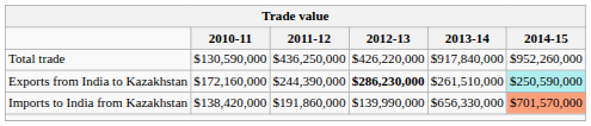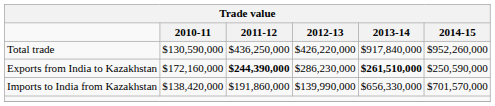 <table class="wikitable" style="font-size: 90%">
 <tr>
 <th colspan="10">Trade value</th>
 </tr>
 <tr>
 <td></td>
 <th>2010-11</th>
 <th>2011-12</th>
 <th>2012-13</th>
 <th>2013-14</th>
 <th>2014-15</th>
 </tr>
 <tr>
 <td>Total trade</td>
 <td>$130,590,000</td>
 <td>$436,250,000</td>
 <td>$426,220,000</td>
 <td>$917,840,000</td>
 <td>$952,260,000</td>
 </tr>
 <tr>
 <td>Exports from India to Kazakhstan</td>
 <td>$172,160,000</td>
-<td>$244,390,000</td>
-<td><strong>$286,230,000</strong></td>
-<td>$261,510,000</td>
-<td style="background: paleturquoise;">$250,590,000</td>
+<td><strong>$244,390,000</strong></td>
+<td>$286,230,000</td>
+<td><strong>$261,510,000</strong></td>
+<td>$250,590,000</td>
 </tr>
 <tr>
 <td>Imports to India from Kazakhstan</td>
 <td>$138,420,000</td>
 <td>$191,860,000</td>
 <td>$139,990,000</td>
 <td>$656,330,000</td>
-<td style="background: lightsalmon;">$701,570,000</td>
+<td>$701,570,000</td>
 </tr>
 <tr>
 <td colspan="10"></td>
 </tr>
 <tr>
 </tr>
 </table>
